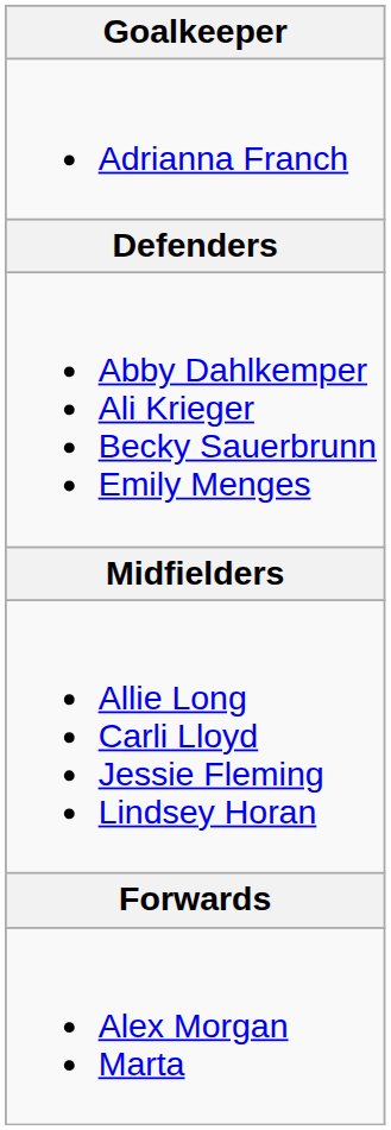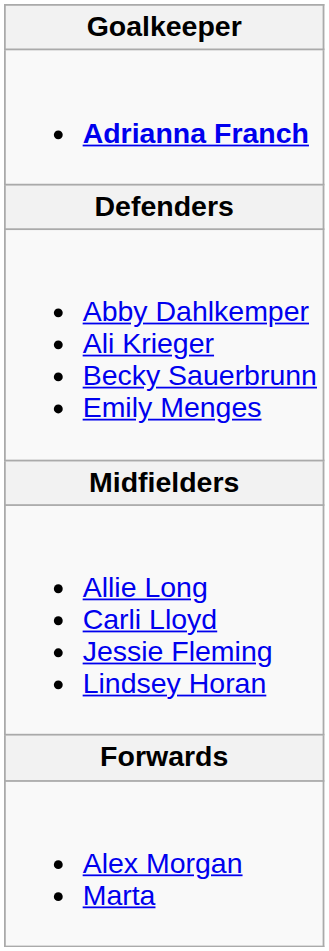 <table class="wikitable">
 <tr>
 <th>Goalkeeper</th>
 </tr>
 <tr>
-<td><br><ul><li> <a href='#'>Adrianna Franch</a></li></ul></td>
+<td><strong><br><ul><li> <a href='#'>Adrianna Franch</a></li></ul></strong></td>
 </tr>
 <tr>
 <th>Defenders</th>
 </tr>
 <tr>
 <td><br><ul><li> <a href='#'>Abby Dahlkemper</a></li><li> <a href='#'>Ali Krieger</a></li><li> <a href='#'>Becky Sauerbrunn</a></li><li> <a href='#'>Emily Menges</a></li></ul></td>
 </tr>
 <tr>
 <th>Midfielders</th>
 </tr>
 <tr>
 <td><br><ul><li> <a href='#'>Allie Long</a></li><li> <a href='#'>Carli Lloyd</a></li><li> <a href='#'>Jessie Fleming</a></li><li> <a href='#'>Lindsey Horan</a></li></ul></td>
 </tr>
 <tr>
 <th>Forwards</th>
 </tr>
 <tr>
 <td><br><ul><li> <a href='#'>Alex Morgan</a></li><li> <a href='#'>Marta</a></li></ul></td>
 </tr>
 </table>
